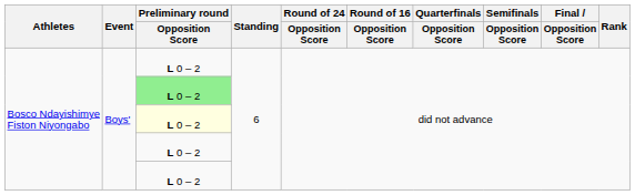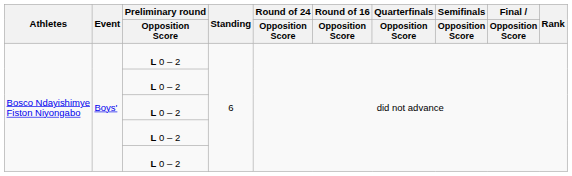 <table class=wikitable style="font-size:90%">
 <tr>
 <th rowspan="2">Athletes</th>
 <th rowspan="2">Event</th>
 <th>Preliminary round</th>
 <th rowspan="2">Standing</th>
 <th>Round of 24</th>
 <th>Round of 16</th>
 <th>Quarterfinals</th>
 <th>Semifinals</th>
 <th>Final / </th>
 <th rowspan=2>Rank</th>
 </tr>
 <tr style="font-size:95%">
 <th>Opposition<br>Score</th>
 <th>Opposition<br>Score</th>
 <th>Opposition<br>Score</th>
 <th>Opposition<br>Score</th>
 <th>Opposition<br>Score</th>
 <th>Opposition<br>Score</th>
 </tr>
 <tr align=center>
 <td align=left rowspan=5><a href='#'>Bosco Ndayishimye</a><br><a href='#'>Fiston Niyongabo</a></td>
 <td align=left rowspan=5><a href='#'>Boys'</a></td>
 <td><br><strong>L</strong> 0 – 2</td>
 <td rowspan=5>6</td>
 <td rowspan=5 colspan=6>did not advance</td>
 </tr>
 <tr align=center>
-<td style="background: lightgreen;"><br><strong>L</strong> 0 – 2</td>
+<td><br><strong>L</strong> 0 – 2</td>
 </tr>
 <tr align=center>
-<td style="background: lightyellow;"><br><strong>L</strong> 0 – 2</td>
+<td><br><strong>L</strong> 0 – 2</td>
 </tr>
 <tr align=center>
 <td><br><strong>L</strong> 0 – 2</td>
 </tr>
 <tr align=center>
 <td><br><strong>L</strong> 0 – 2</td>
 </tr>
 </table>
